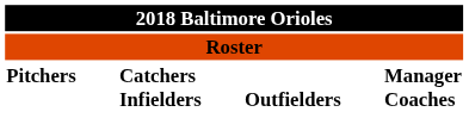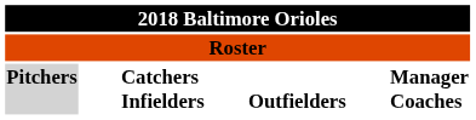 <table class="toccolours" style="font-size: 95%;">
 <tr>
 <th colspan="10" style="background:#000000; color:#FFFFFF; text-align:center;">2018 Baltimore Orioles</th>
 </tr>
 <tr>
 <td colspan="10" style="background:#DF4601; color:#000000; text-align:center;"><strong>Roster</strong></td>
 </tr>
 <tr>
-<td valign="top"><strong>Pitchers</strong><br>                           </td>
+<td valign="top" style="background: lightgrey;"><strong>Pitchers</strong><br>                           </td>
 <td style="width:25px;"></td>
 <td valign="top"><strong>Catchers</strong><br>    <strong>Infielders</strong>              </td>
 <td style="width:25px;"></td>
 <td valign="top"><br><strong>Outfielders</strong>          </td>
 <td style="width:25px;"></td>
 <td valign="top"><strong>Manager</strong><br> <strong>Coaches</strong>                  </td>
 </tr>
 </table>
